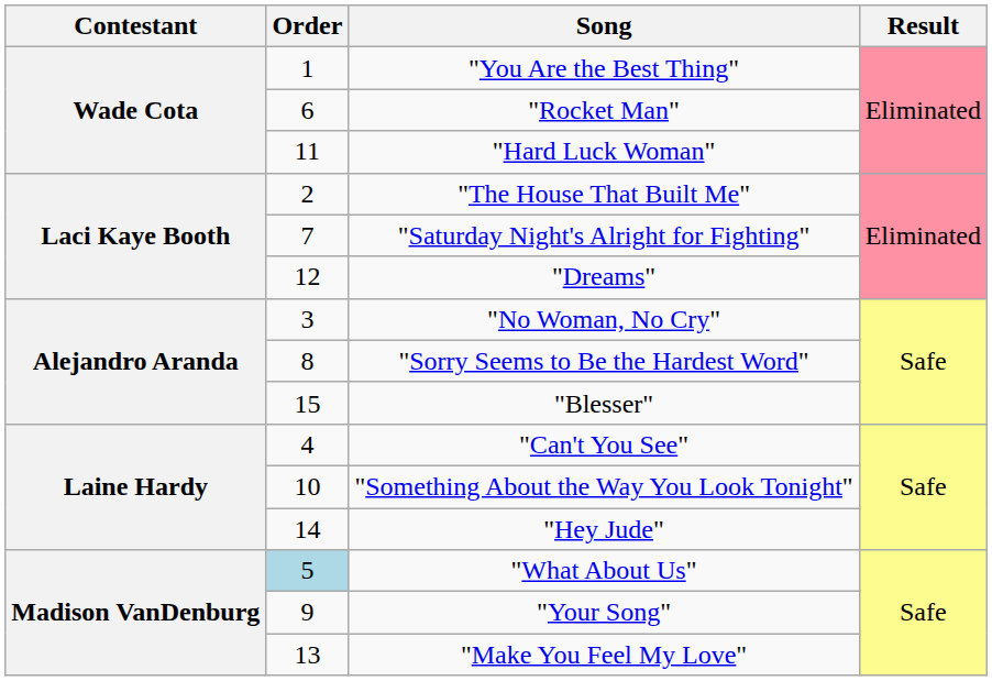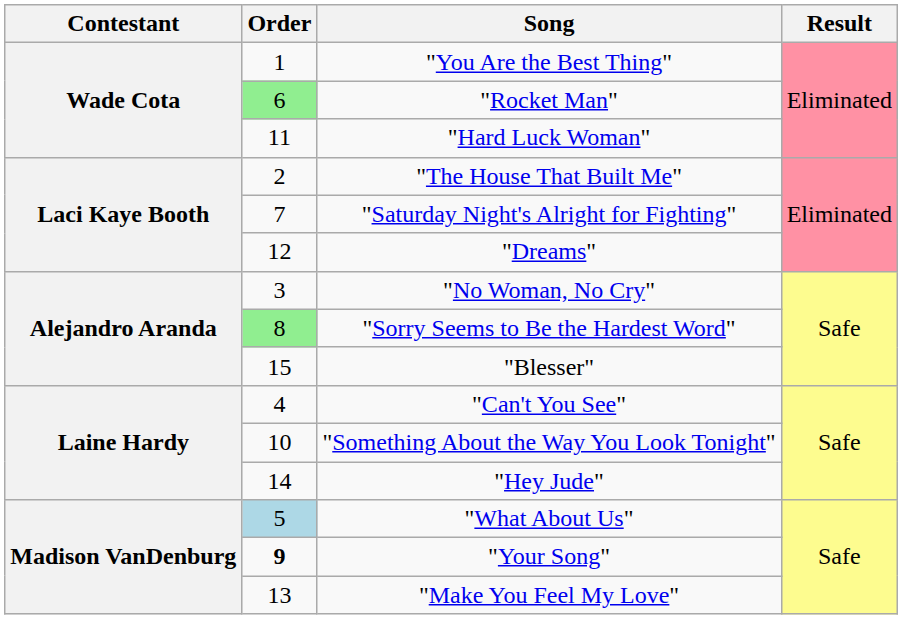 <table class="wikitable unsortable" style="text-align:center;">
 <tr>
 <th scope="col">Contestant</th>
 <th scope="col">Order</th>
 <th scope="col">Song</th>
 <th scope="col">Result</th>
 </tr>
 <tr>
 <th scope="row" rowspan="3">Wade Cota</th>
 <td>1</td>
 <td>"<a href='#'>You Are the Best Thing</a>"</td>
 <td rowspan="3" style="background:#FF91A4;">Eliminated</td>
 </tr>
 <tr>
-<td>6</td>
+<td style="background: lightgreen;">6</td>
 <td>"<a href='#'>Rocket Man</a>"</td>
 </tr>
 <tr>
 <td>11</td>
 <td>"<a href='#'>Hard Luck Woman</a>"</td>
 </tr>
 <tr>
 <th scope="row" rowspan="3">Laci Kaye Booth</th>
 <td>2</td>
 <td>"<a href='#'>The House That Built Me</a>"</td>
 <td rowspan="3" style="background:#FF91A4;">Eliminated</td>
 </tr>
 <tr>
 <td>7</td>
 <td>"<a href='#'>Saturday Night's Alright for Fighting</a>"</td>
 </tr>
 <tr>
 <td>12</td>
 <td>"<a href='#'>Dreams</a>"</td>
 </tr>
 <tr>
 <th scope="row" rowspan="3">Alejandro Aranda</th>
 <td>3</td>
 <td>"<a href='#'>No Woman, No Cry</a>"</td>
 <td rowspan="3" style="background:#FDFC8F;">Safe</td>
 </tr>
 <tr>
-<td>8</td>
+<td style="background: lightgreen;">8</td>
 <td>"<a href='#'>Sorry Seems to Be the Hardest Word</a>"</td>
 </tr>
 <tr>
 <td>15</td>
 <td>"Blesser"</td>
 </tr>
 <tr>
 <th scope="row" rowspan="3">Laine Hardy</th>
 <td>4</td>
 <td>"<a href='#'>Can't You See</a>"</td>
 <td rowspan="3" style="background:#FDFC8F;">Safe</td>
 </tr>
 <tr>
 <td>10</td>
 <td>"<a href='#'>Something About the Way You Look Tonight</a>"</td>
 </tr>
 <tr>
 <td>14</td>
 <td>"<a href='#'>Hey Jude</a>"</td>
 </tr>
 <tr>
 <th scope="row" rowspan="3">Madison VanDenburg</th>
 <td style="background: lightblue;">5</td>
 <td>"<a href='#'>What About Us</a>"</td>
 <td rowspan="3" style="background:#FDFC8F;">Safe</td>
 </tr>
 <tr>
-<td>9</td>
+<td><strong>9</strong></td>
 <td>"<a href='#'>Your Song</a>"</td>
 </tr>
 <tr>
 <td>13</td>
 <td>"<a href='#'>Make You Feel My Love</a>"</td>
 </tr>
 </table>
